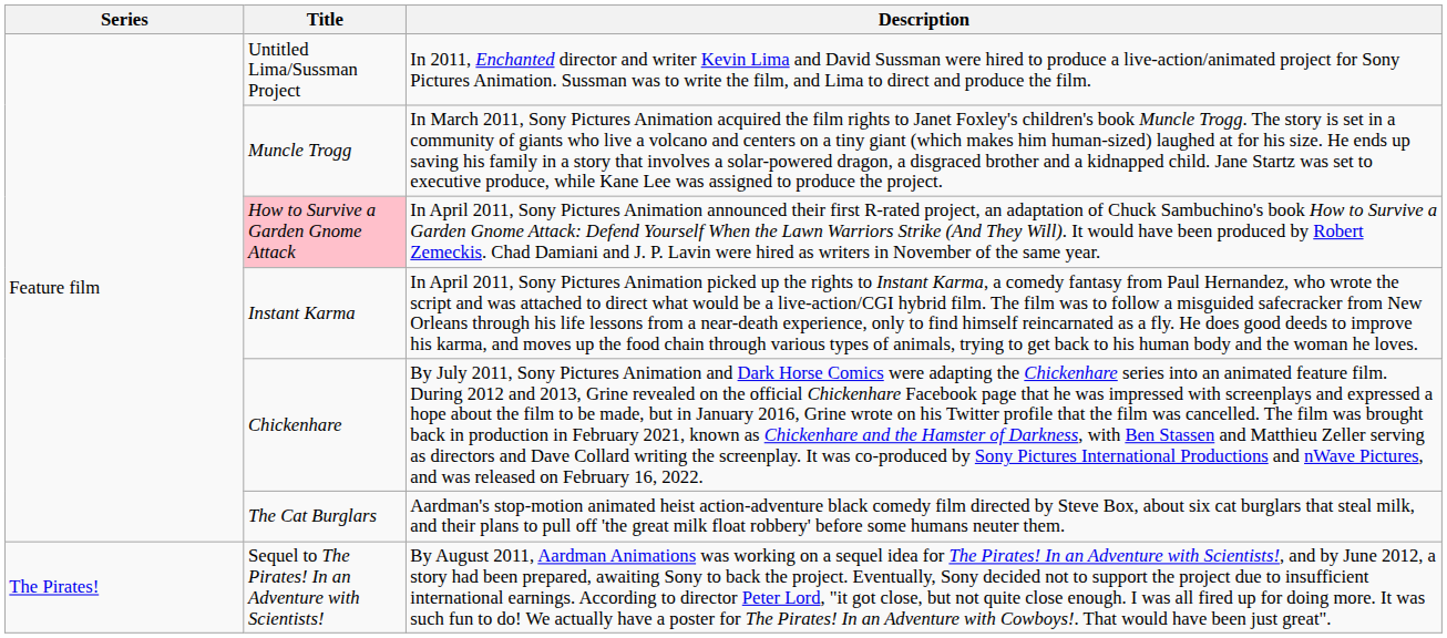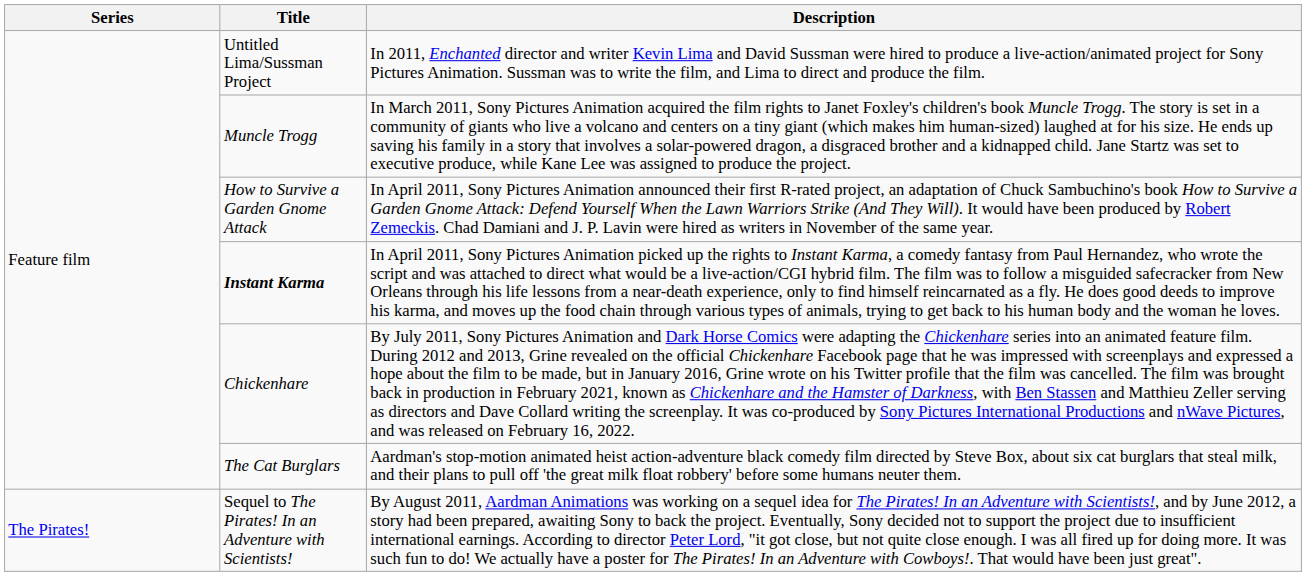 <table class="wikitable">
 <tr>
 <th style="width:150pt;">Series</th>
 <th style="width:100pt;">Title</th>
 <th>Description</th>
 </tr>
 <tr>
 <td rowspan="6">Feature film</td>
 <td>Untitled Lima/Sussman Project</td>
 <td>In 2011, <em><a href='#'>Enchanted</a></em> director and writer <a href='#'>Kevin Lima</a> and David Sussman were hired to produce a live-action/animated project for Sony Pictures Animation. Sussman was to write the film, and Lima to direct and produce the film.</td>
 </tr>
 <tr>
 <td><em>Muncle Trogg</em></td>
 <td>In March 2011, Sony Pictures Animation acquired the film rights to Janet Foxley's children's book <em>Muncle Trogg</em>. The story is set in a community of giants who live a volcano and centers on a tiny giant (which makes him human-sized) laughed at for his size. He ends up saving his family in a story that involves a solar-powered dragon, a disgraced brother and a kidnapped child. Jane Startz was set to executive produce, while Kane Lee was assigned to produce the project.</td>
 </tr>
 <tr>
-<td style="background: pink;"><em>How to Survive a Garden Gnome Attack</em></td>
+<td><em>How to Survive a Garden Gnome Attack</em></td>
 <td>In April 2011, Sony Pictures Animation announced their first R-rated project, an adaptation of Chuck Sambuchino's book <em>How to Survive a Garden Gnome Attack: Defend Yourself When the Lawn Warriors Strike (And They Will)</em>. It would have been produced by <a href='#'>Robert Zemeckis</a>. Chad Damiani and J. P. Lavin were hired as writers in November of the same year.</td>
 </tr>
 <tr>
-<td><em>Instant Karma</em></td>
+<td><strong><em>Instant Karma</em></strong></td>
 <td>In April 2011, Sony Pictures Animation picked up the rights to <em>Instant Karma</em>, a comedy fantasy from Paul Hernandez, who wrote the script and was attached to direct what would be a live-action/CGI hybrid film. The film was to follow a misguided safecracker from New Orleans through his life lessons from a near-death experience, only to find himself reincarnated as a fly. He does good deeds to improve his karma, and moves up the food chain through various types of animals, trying to get back to his human body and the woman he loves.</td>
 </tr>
 <tr>
 <td><em>Chickenhare</em></td>
 <td>By July 2011, Sony Pictures Animation and <a href='#'>Dark Horse Comics</a> were adapting the <em><a href='#'>Chickenhare</a></em> series into an animated feature film. During 2012 and 2013, Grine revealed on the official <em>Chickenhare</em> Facebook page that he was impressed with screenplays and expressed a hope about the film to be made, but in January 2016, Grine wrote on his Twitter profile that the film was cancelled. The film was brought back in production in February 2021, known as <em><a href='#'>Chickenhare and the Hamster of Darkness</a></em>, with <a href='#'>Ben Stassen</a> and Matthieu Zeller serving as directors and Dave Collard writing the screenplay. It was co-produced by <a href='#'>Sony Pictures International Productions</a> and <a href='#'>nWave Pictures</a>, and was released on February 16, 2022.</td>
 </tr>
 <tr>
 <td><em>The Cat Burglars</em></td>
 <td>Aardman's stop-motion animated heist action-adventure black comedy film directed by Steve Box, about six cat burglars that steal milk, and their plans to pull off 'the great milk float robbery' before some humans neuter them.</td>
 </tr>
 <tr>
 <td><a href='#'>The Pirates!</a></td>
 <td>Sequel to <em>The Pirates! In an Adventure with Scientists!</em></td>
 <td>By August 2011, <a href='#'>Aardman Animations</a> was working on a sequel idea for <em><a href='#'>The Pirates! In an Adventure with Scientists!</a></em>, and by June 2012, a story had been prepared, awaiting Sony to back the project. Eventually, Sony decided not to support the project due to insufficient international earnings. According to director <a href='#'>Peter Lord</a>, "it got close, but not quite close enough. I was all fired up for doing more. It was such fun to do! We actually have a poster for <em>The Pirates! In an Adventure with Cowboys!</em>. That would have been just great".</td>
 </tr>
 </table>
